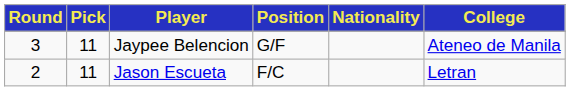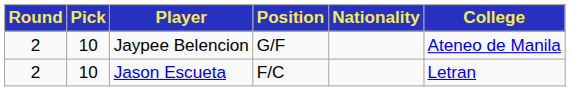 <table class="wikitable sortable sortable">
 <tr>
 <th style="background:#2631C2; color:#F4EB51; ">Round</th>
 <th style="background:#2631C2; color:#F4EB51; ">Pick</th>
 <th style="background:#2631C2; color:#F4EB51; ">Player</th>
 <th style="background:#2631C2; color:#F4EB51; ">Position</th>
 <th style="background:#2631C2; color:#F4EB51; ">Nationality</th>
 <th style="background:#2631C2; color:#F4EB51; ">College</th>
 </tr>
 <tr style="text-align: center">
 </tr>
 <tr>
-<td align=center>3</td>
-<td align=center>11</td>
+<td align=center>2</td>
+<td align=center>10</td>
 <td>Jaypee Belencion</td>
 <td>G/F</td>
 <td></td>
 <td><a href='#'>Ateneo de Manila</a></td>
 </tr>
 <tr>
 <td align=center>2</td>
-<td align=center>11</td>
+<td align=center>10</td>
 <td><a href='#'>Jason Escueta</a></td>
 <td>F/C</td>
 <td></td>
 <td><a href='#'>Letran</a></td>
 </tr>
 </table>
